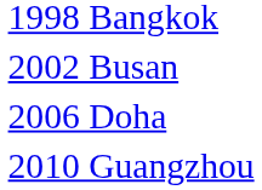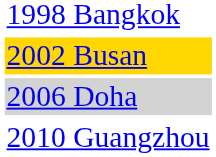 <table>
 <tr>
 <td><a href='#'>1998 Bangkok</a></td>
 <td></td>
 <td></td>
 <td></td>
 </tr>
 <tr>
-<td><a href='#'>2002 Busan</a></td>
+<td style="background: gold;"><a href='#'>2002 Busan</a></td>
 <td></td>
 <td></td>
 <td></td>
 </tr>
 <tr>
-<td><a href='#'>2006 Doha</a></td>
+<td style="background: lightgrey;"><a href='#'>2006 Doha</a></td>
 <td></td>
 <td></td>
 <td></td>
 </tr>
 <tr>
 <td rowspan=2><a href='#'>2010 Guangzhou</a></td>
 <td rowspan=2></td>
 <td rowspan=2></td>
 <td></td>
 </tr>
 <tr>
 <td></td>
 </tr>
 </table>
